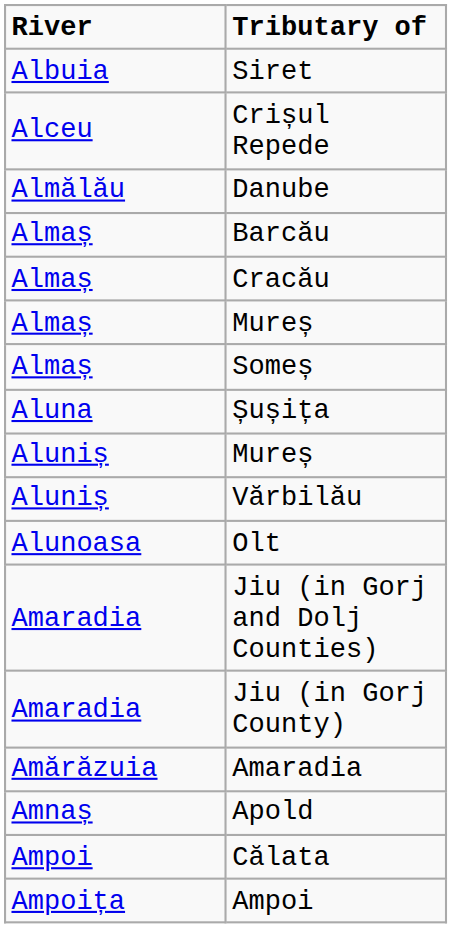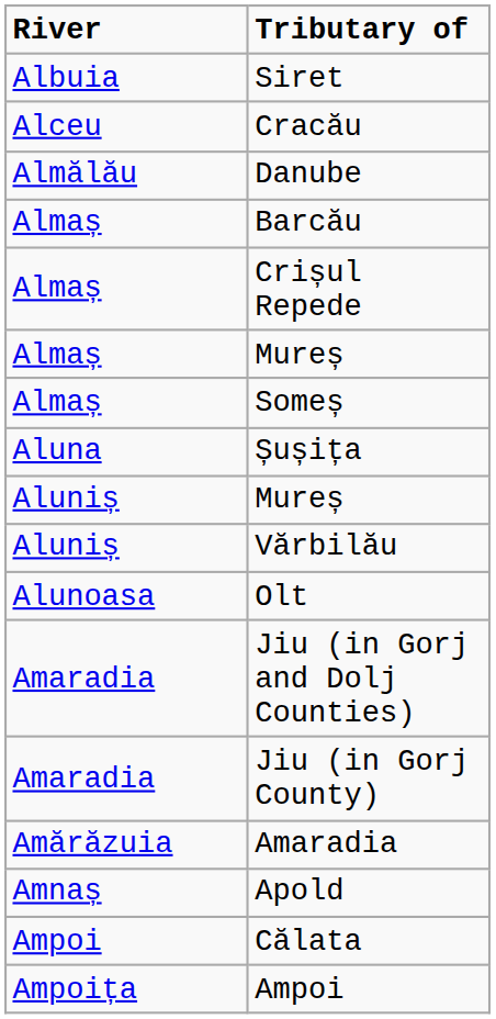 <table class="wikitable">
 <tr>
 <td width="100pt"><strong>River</strong></td>
 <td width="100pt"><strong>Tributary of</strong></td>
 </tr>
 <tr>
 <td><a href='#'>Albuia</a></td>
 <td>Siret</td>
 </tr>
 <tr>
 <td><a href='#'>Alceu</a></td>
-<td>Crișul Repede</td>
+<td>Cracău</td>
 </tr>
 <tr>
 <td><a href='#'>Almălău</a></td>
 <td>Danube</td>
 </tr>
 <tr>
 <td><a href='#'>Almaș</a></td>
 <td>Barcău</td>
 </tr>
 <tr>
 <td><a href='#'>Almaș</a></td>
-<td>Cracău</td>
+<td>Crișul Repede</td>
 </tr>
 <tr>
 <td><a href='#'>Almaș</a></td>
 <td>Mureș</td>
 </tr>
 <tr>
 <td><a href='#'>Almaș</a></td>
 <td>Someș</td>
 </tr>
 <tr>
 <td><a href='#'>Aluna</a></td>
 <td>Șușița</td>
 </tr>
 <tr>
 <td><a href='#'>Aluniș</a></td>
 <td>Mureș</td>
 </tr>
 <tr>
 <td><a href='#'>Aluniș</a></td>
 <td>Vărbilău</td>
 </tr>
 <tr>
 <td><a href='#'>Alunoasa</a></td>
 <td>Olt</td>
 </tr>
 <tr>
 <td><a href='#'>Amaradia</a></td>
 <td>Jiu (in Gorj and Dolj Counties)</td>
 </tr>
 <tr>
 <td><a href='#'>Amaradia</a></td>
 <td>Jiu (in Gorj County)</td>
 </tr>
 <tr>
 <td><a href='#'>Amărăzuia</a></td>
 <td>Amaradia</td>
 </tr>
 <tr>
 <td><a href='#'>Amnaș</a></td>
 <td>Apold</td>
 </tr>
 <tr>
 <td><a href='#'>Ampoi</a></td>
 <td>Călata</td>
 </tr>
 <tr>
 <td><a href='#'>Ampoița</a></td>
 <td>Ampoi</td>
 </tr>
 </table>
